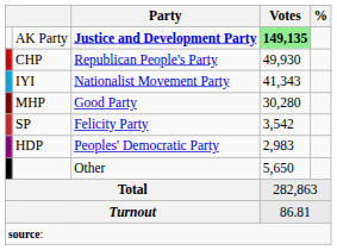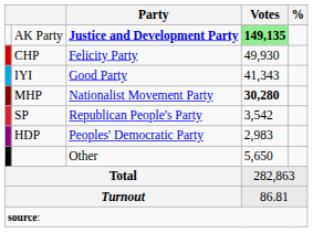 <table class="wikitable">
 <tr>
 <th colspan="2" align="center"></th>
 <th align="center">Party</th>
 <th align="center">Votes</th>
 <th align="center">%</th>
 </tr>
 <tr align="left">
 <td></td>
 <td>AK Party</td>
 <td><strong><a href='#'>Justice and Development Party</a></strong></td>
 <td style="background: lightgreen;"><strong>149,135</strong></td>
 <td><strong></strong></td>
 </tr>
 <tr align="left">
 <td bgcolor="#d50000" width="1"></td>
 <td>CHP</td>
-<td><a href='#'>Republican People's Party</a></td>
+<td><a href='#'>Felicity Party</a></td>
 <td>49,930</td>
 <td></td>
 </tr>
 <tr align="left">
 <td bgcolor="#01A7E1" width="1"></td>
 <td>IYI</td>
-<td><a href='#'>Nationalist Movement Party</a></td>
+<td><a href='#'>Good Party</a></td>
 <td>41,343</td>
 <td></td>
 </tr>
 <tr align="left">
 <td bgcolor="#870000" width="1"></td>
 <td>MHP</td>
-<td><a href='#'>Good Party</a></td>
-<td>30,280</td>
+<td><a href='#'>Nationalist Movement Party</a></td>
+<td><strong>30,280</strong></td>
 <td></td>
 </tr>
 <tr align="left">
 <td bgcolor="#D02433" width="1"></td>
 <td>SP</td>
-<td><a href='#'>Felicity Party</a></td>
+<td><a href='#'>Republican People's Party</a></td>
 <td>3,542</td>
 <td></td>
 </tr>
 <tr align="left">
 <td bgcolor="#91007B" width="1"></td>
 <td>HDP</td>
 <td><a href='#'>Peoples' Democratic Party</a></td>
 <td>2,983</td>
 <td></td>
 </tr>
 <tr align="left">
 <td bgcolor=" " width="1"></td>
 <td></td>
 <td>Other</td>
 <td>5,650</td>
 <td></td>
 </tr>
 <tr align="left" style="background-color:#E9E9E9">
 <th colspan="3" align="center"><strong>Total</strong></th>
 <td colspan="5" align="center">282,863</td>
 </tr>
 <tr align="left" style="background-color:#E9E9E9">
 <th colspan="3" align="center"><em>Turnout</em></th>
 <td colspan="5" align="center">86.81</td>
 </tr>
 <tr>
 <td colspan="9" align="left"><small><strong>source</strong>: </small></td>
 </tr>
 </table>
